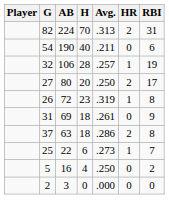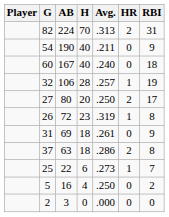 <table class="wikitable sortable" style="text-align:center;">
 <tr>
 <th>Player</th>
 <th>G</th>
 <th>AB</th>
 <th>H</th>
 <th>Avg.</th>
 <th>HR</th>
 <th>RBI</th>
 </tr>
 <tr>
 <td></td>
 <td>82</td>
 <td>224</td>
 <td>70</td>
 <td>.313</td>
 <td>2</td>
 <td>31</td>
 </tr>
 <tr>
 <td></td>
 <td>54</td>
 <td>190</td>
 <td>40</td>
 <td>.211</td>
 <td>0</td>
-<td>6</td>
+<td>9</td>
+</tr>
+<tr>
+<td></td>
+<td>60</td>
+<td>167</td>
+<td>40</td>
+<td>.240</td>
+<td>0</td>
+<td>18</td>
 </tr>
 <tr>
 <td></td>
 <td>32</td>
 <td>106</td>
 <td>28</td>
 <td>.257</td>
 <td>1</td>
 <td>19</td>
 </tr>
 <tr>
 <td></td>
 <td>27</td>
 <td>80</td>
 <td>20</td>
 <td>.250</td>
 <td>2</td>
 <td>17</td>
 </tr>
 <tr>
 <td></td>
 <td>26</td>
 <td>72</td>
 <td>23</td>
 <td>.319</td>
 <td>1</td>
 <td>8</td>
 </tr>
 <tr>
 <td></td>
 <td>31</td>
 <td>69</td>
 <td>18</td>
 <td>.261</td>
 <td>0</td>
 <td>9</td>
 </tr>
 <tr>
 <td></td>
 <td>37</td>
 <td>63</td>
 <td>18</td>
 <td>.286</td>
 <td>2</td>
 <td>8</td>
 </tr>
 <tr>
 <td></td>
 <td>25</td>
 <td>22</td>
 <td>6</td>
 <td>.273</td>
 <td>1</td>
 <td>7</td>
 </tr>
 <tr>
 <td></td>
 <td>5</td>
 <td>16</td>
 <td>4</td>
 <td>.250</td>
 <td>0</td>
 <td>2</td>
 </tr>
 <tr>
 <td></td>
 <td>2</td>
 <td>3</td>
 <td>0</td>
 <td>.000</td>
 <td>0</td>
 <td>0</td>
 </tr>
 </table>
